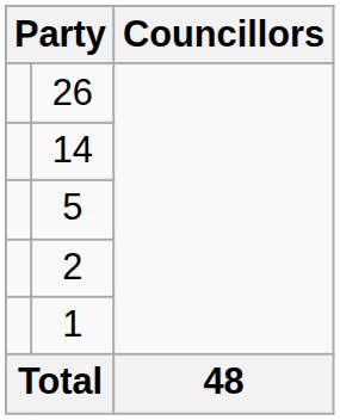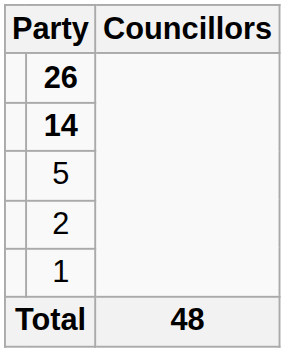 <table class="wikitable">
 <tr>
 <th colspan=2>Party</th>
 <th>Councillors</th>
 </tr>
 <tr>
 <td></td>
-<td align=center>26</td>
+<td align=center><strong>26</strong></td>
 </tr>
 <tr>
 <td></td>
-<td align=center>14</td>
+<td align=center><strong>14</strong></td>
 </tr>
 <tr>
 <td></td>
 <td align=center>5</td>
 </tr>
 <tr>
 <td></td>
 <td align=center>2</td>
 </tr>
 <tr>
 <td></td>
 <td align=center>1</td>
 </tr>
 <tr>
 <th colspan=2>Total</th>
 <th align=center>48</th>
 </tr>
 </table>
